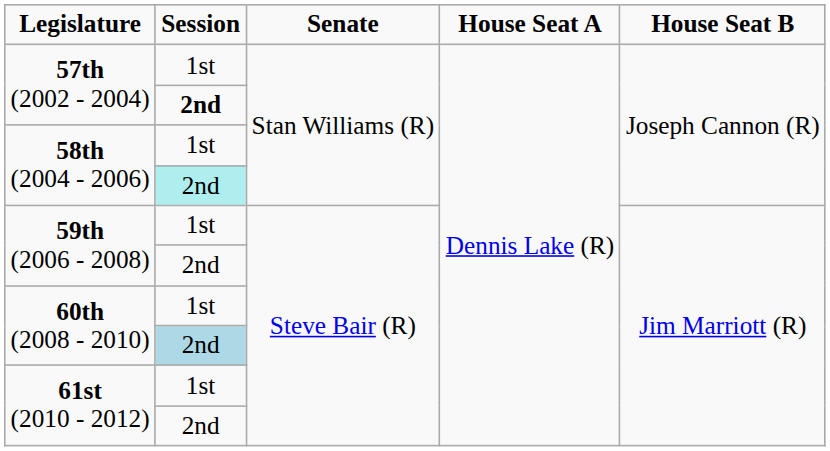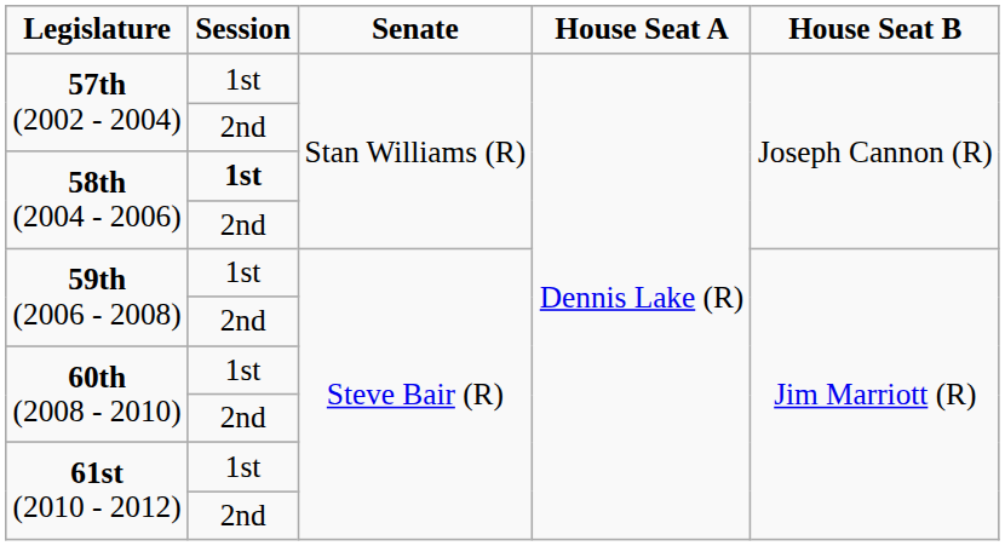 <table class=wikitable style="text-align:center">
 <tr>
 <td><strong>Legislature</strong></td>
 <td><strong>Session</strong></td>
 <td><strong>Senate</strong></td>
 <td><strong>House Seat A</strong></td>
 <td><strong>House Seat B</strong></td>
 </tr>
 <tr>
 <td rowspan="2" colspan="1" style="text-align: center;"><strong>57th</strong> <br> (2002 - 2004)</td>
 <td>1st</td>
 <td rowspan="4" colspan="1" style="text-align: center;" >Stan Williams (R)</td>
 <td rowspan="10" colspan="1" style="text-align: center;" ><a href='#'>Dennis Lake</a> (R)</td>
 <td rowspan="4" colspan="1" style="text-align: center;" >Joseph Cannon (R)</td>
 </tr>
 <tr>
-<td><strong>2nd</strong></td>
+<td>2nd</td>
 </tr>
 <tr>
 <td rowspan="2" colspan="1" style="text-align: center;"><strong>58th</strong> <br> (2004 - 2006)</td>
-<td>1st</td>
+<td><strong>1st</strong></td>
 </tr>
 <tr>
-<td style="background: paleturquoise;">2nd</td>
+<td>2nd</td>
 </tr>
 <tr>
 <td rowspan="2" colspan="1" style="text-align: center;"><strong>59th</strong> <br> (2006 - 2008)</td>
 <td>1st</td>
 <td rowspan="6" colspan="1" style="text-align: center;" ><a href='#'>Steve Bair</a> (R)</td>
 <td rowspan="6" colspan="1" style="text-align: center;" ><a href='#'>Jim Marriott</a> (R)</td>
 </tr>
 <tr>
 <td>2nd</td>
 </tr>
 <tr>
 <td rowspan="2" colspan="1" style="text-align: center;"><strong>60th</strong> <br> (2008 - 2010)</td>
 <td>1st</td>
 </tr>
 <tr>
-<td style="background: lightblue;">2nd</td>
+<td>2nd</td>
 </tr>
 <tr>
 <td rowspan="2" colspan="1" style="text-align: center;"><strong>61st</strong> <br> (2010 - 2012)</td>
 <td>1st</td>
 </tr>
 <tr>
 <td>2nd</td>
 </tr>
 </table>
